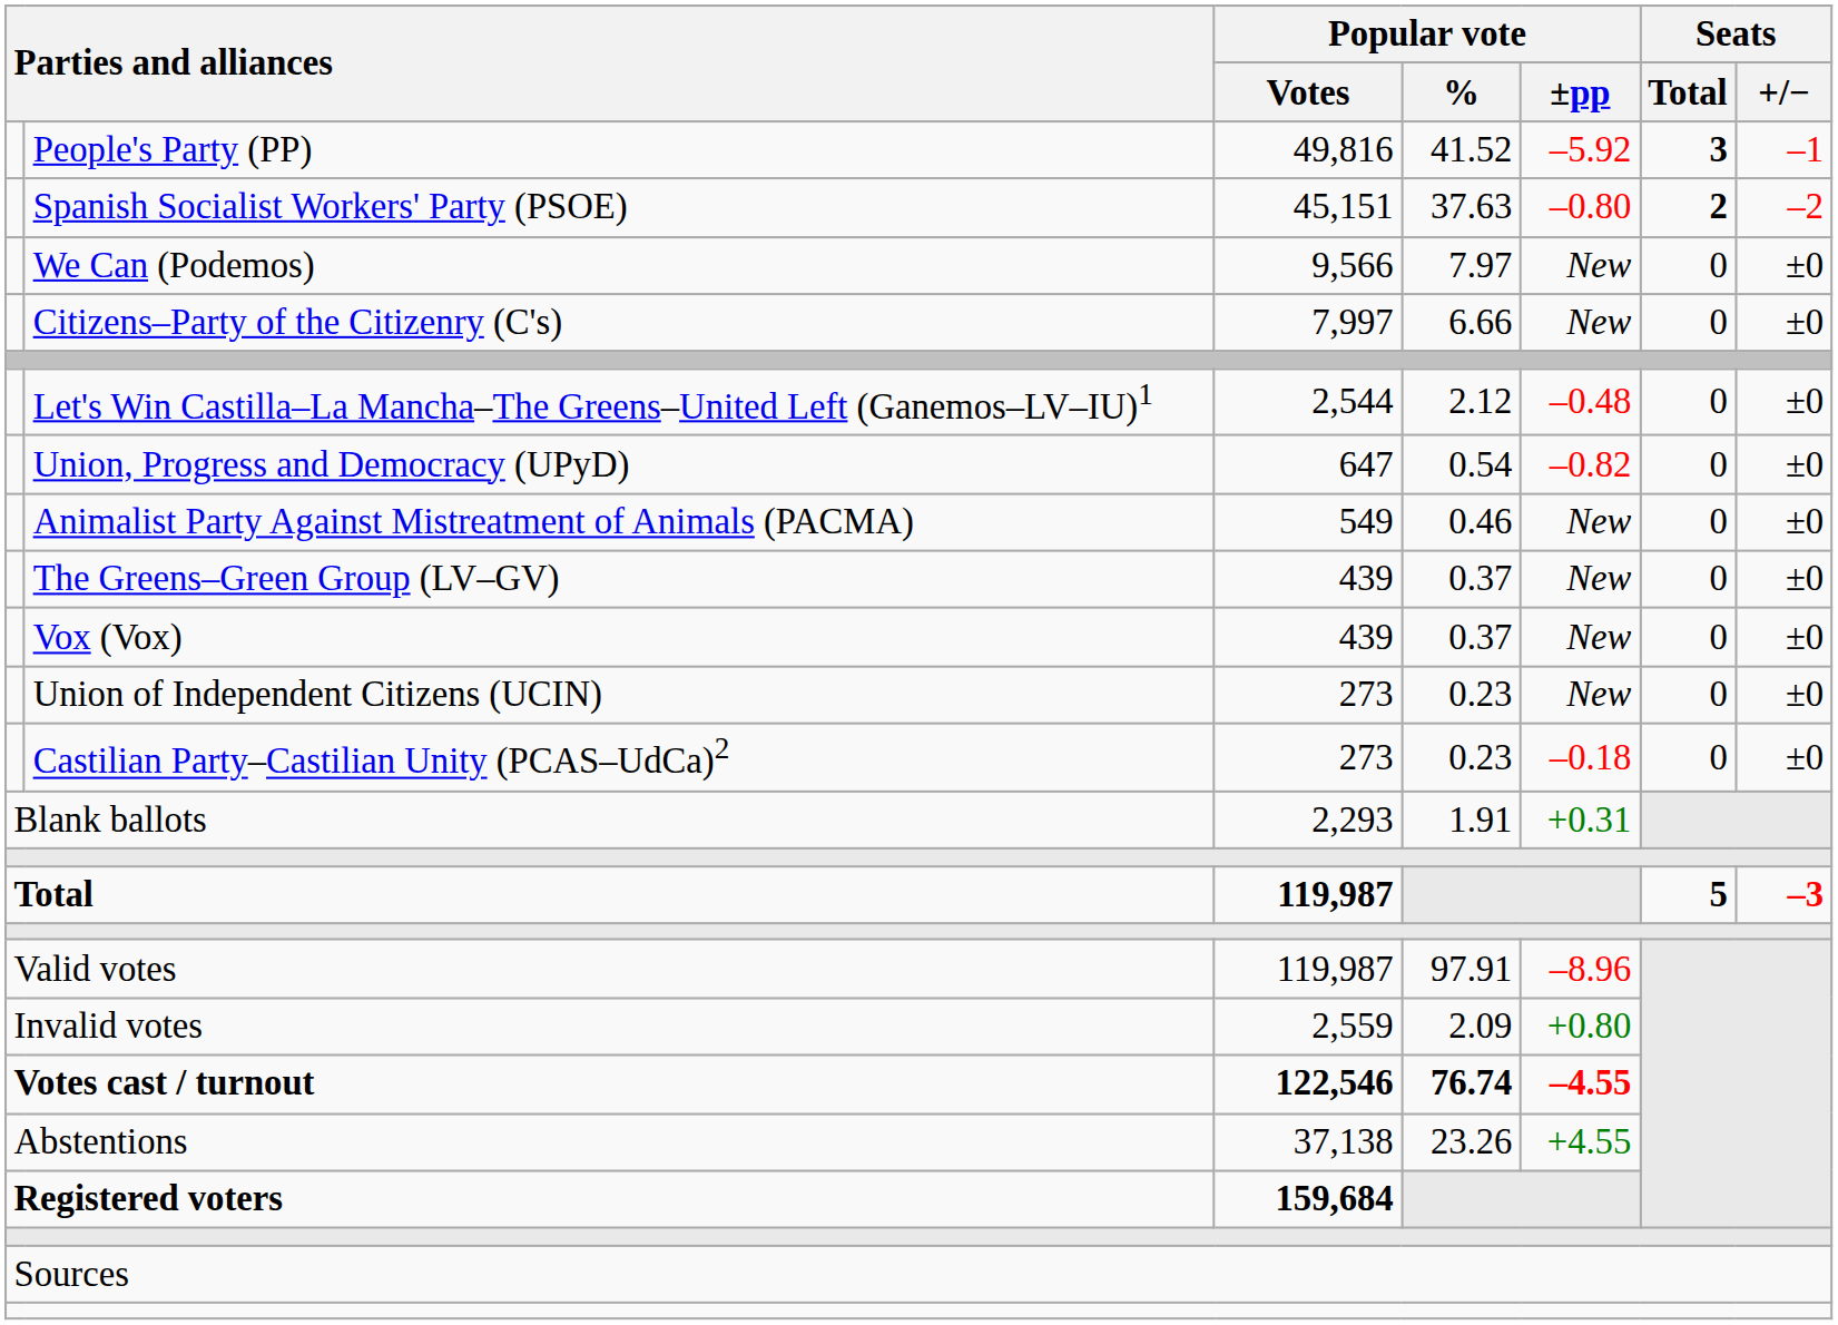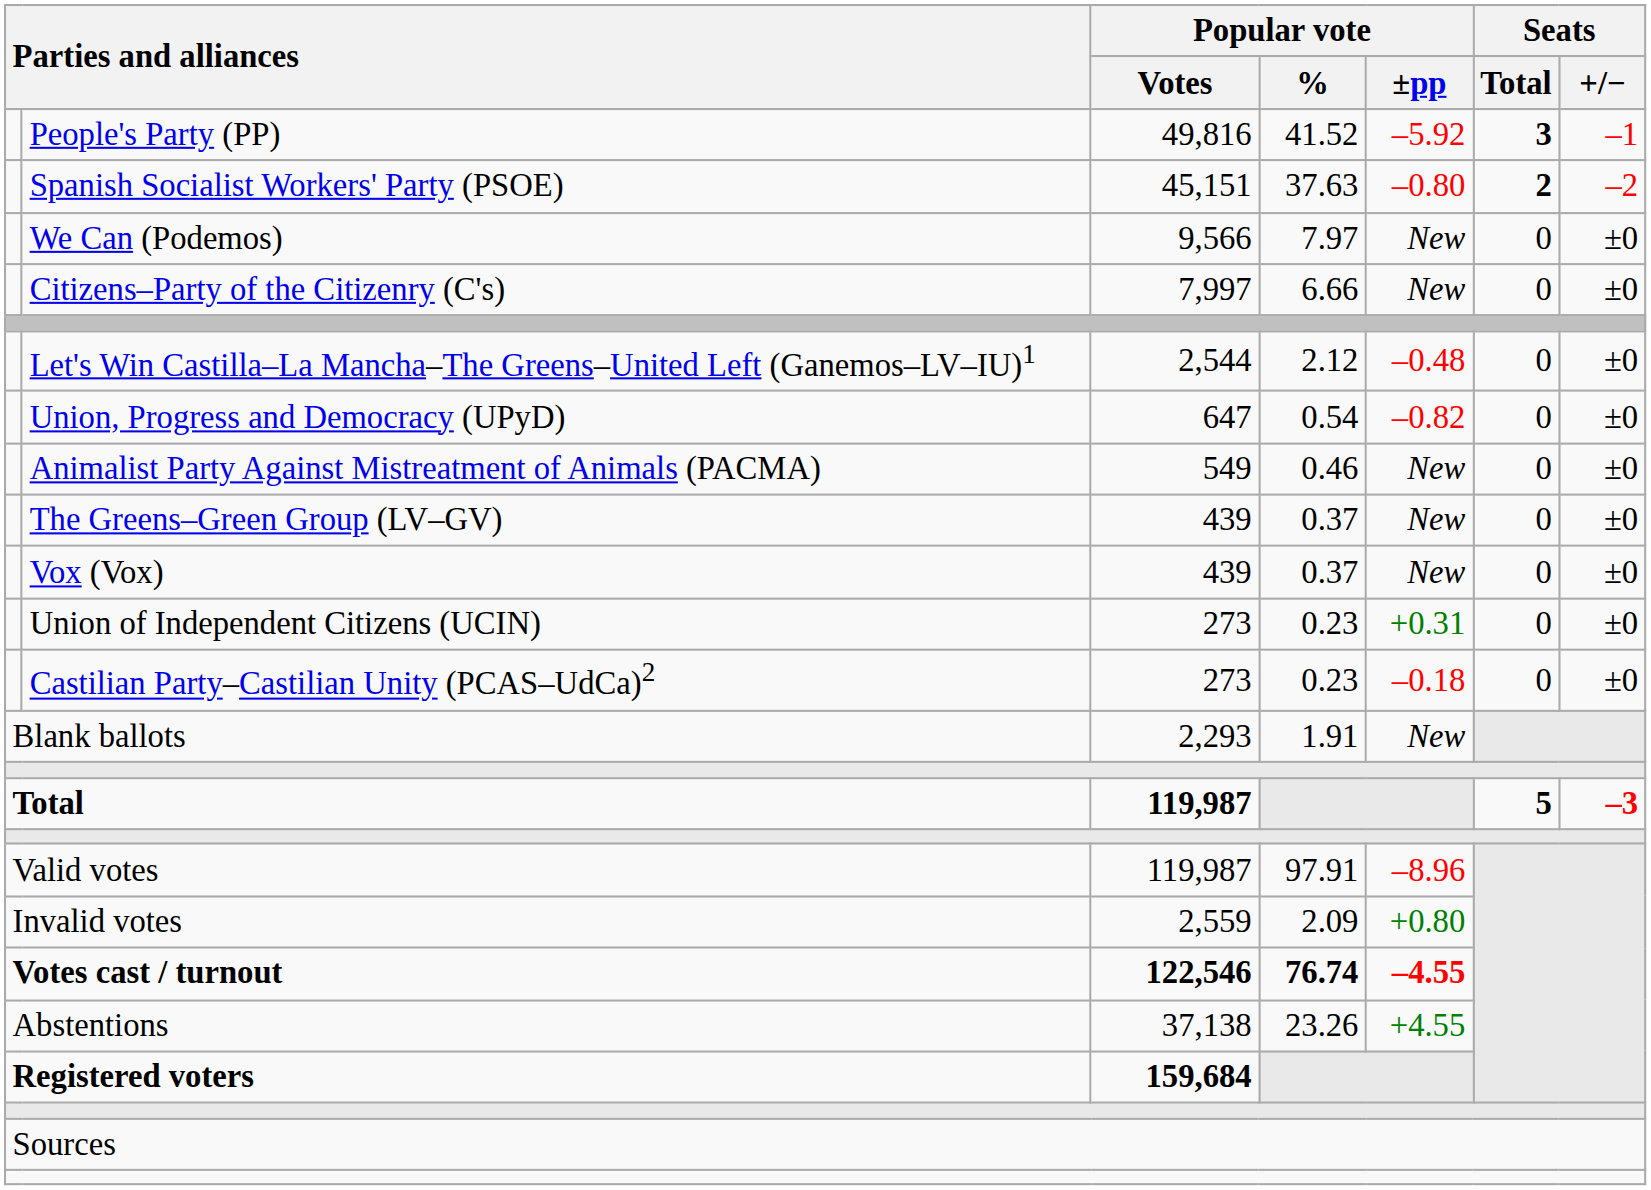 <table class="wikitable" style="text-align:right;">
 <tr>
 <th style="text-align:left;" rowspan="2" colspan="2" width="525">Parties and alliances</th>
 <th colspan="3">Popular vote</th>
 <th colspan="2">Seats</th>
 </tr>
 <tr>
 <th width="75">Votes</th>
 <th width="45">%</th>
 <th width="45">±<a href='#'>pp</a></th>
 <th width="35">Total</th>
 <th width="35">+/−</th>
 </tr>
 <tr>
 <td width="1" style="color:inherit;background:"></td>
 <td align="left"><a href='#'>People's Party</a> (PP)</td>
 <td>49,816</td>
 <td>41.52</td>
 <td style="color:red;">–5.92</td>
 <td><strong>3</strong></td>
 <td style="color:red;">–1</td>
 </tr>
 <tr>
 <td style="color:inherit;background:"></td>
 <td align="left"><a href='#'>Spanish Socialist Workers' Party</a> (PSOE)</td>
 <td>45,151</td>
 <td>37.63</td>
 <td style="color:red;">–0.80</td>
 <td><strong>2</strong></td>
 <td style="color:red;">–2</td>
 </tr>
 <tr>
 <td style="color:inherit;background:"></td>
 <td align="left"><a href='#'>We Can</a> (Podemos)</td>
 <td>9,566</td>
 <td>7.97</td>
 <td><em>New</em></td>
 <td>0</td>
 <td>±0</td>
 </tr>
 <tr>
 <td style="color:inherit;background:"></td>
 <td align="left"><a href='#'>Citizens–Party of the Citizenry</a> (C's)</td>
 <td>7,997</td>
 <td>6.66</td>
 <td><em>New</em></td>
 <td>0</td>
 <td>±0</td>
 </tr>
 <tr>
 <td colspan="7" bgcolor="#C0C0C0"></td>
 </tr>
 <tr>
 <td style="color:inherit;background:"></td>
 <td align="left"><a href='#'>Let's Win Castilla–La Mancha</a>–<a href='#'>The Greens</a>–<a href='#'>United Left</a> (Ganemos–LV–IU)<sup>1</sup></td>
 <td>2,544</td>
 <td>2.12</td>
 <td style="color:red;">–0.48</td>
 <td>0</td>
 <td>±0</td>
 </tr>
 <tr>
 <td style="color:inherit;background:"></td>
 <td align="left"><a href='#'>Union, Progress and Democracy</a> (UPyD)</td>
 <td>647</td>
 <td>0.54</td>
 <td style="color:red;">–0.82</td>
 <td>0</td>
 <td>±0</td>
 </tr>
 <tr>
 <td style="color:inherit;background:"></td>
 <td align="left"><a href='#'>Animalist Party Against Mistreatment of Animals</a> (PACMA)</td>
 <td>549</td>
 <td>0.46</td>
 <td><em>New</em></td>
 <td>0</td>
 <td>±0</td>
 </tr>
 <tr>
 <td style="color:inherit;background:"></td>
 <td align="left"><a href='#'>The Greens–Green Group</a> (LV–GV)</td>
 <td>439</td>
 <td>0.37</td>
 <td><em>New</em></td>
 <td>0</td>
 <td>±0</td>
 </tr>
 <tr>
 <td style="color:inherit;background:"></td>
 <td align="left"><a href='#'>Vox</a> (Vox)</td>
 <td>439</td>
 <td>0.37</td>
 <td><em>New</em></td>
 <td>0</td>
 <td>±0</td>
 </tr>
 <tr>
 <td style="color:inherit;background:"></td>
 <td align="left">Union of Independent Citizens (UCIN)</td>
 <td>273</td>
 <td>0.23</td>
-<td><em>New</em></td>
+<td style="color:green;">+0.31</td>
 <td>0</td>
 <td>±0</td>
 </tr>
 <tr>
 <td style="color:inherit;background:"></td>
 <td align="left"><a href='#'>Castilian Party</a>–<a href='#'>Castilian Unity</a> (PCAS–UdCa)<sup>2</sup></td>
 <td>273</td>
 <td>0.23</td>
 <td style="color:red;">–0.18</td>
 <td>0</td>
 <td>±0</td>
 </tr>
 <tr>
 <td align="left" colspan="2">Blank ballots</td>
 <td>2,293</td>
 <td>1.91</td>
-<td style="color:green;">+0.31</td>
+<td><em>New</em></td>
 <td bgcolor="#E9E9E9" colspan="2"></td>
 </tr>
 <tr>
 <td colspan="7" bgcolor="#E9E9E9"></td>
 </tr>
 <tr style="font-weight:bold;">
 <td align="left" colspan="2">Total</td>
 <td>119,987</td>
 <td bgcolor="#E9E9E9" colspan="2"></td>
 <td>5</td>
 <td style="color:red;">–3</td>
 </tr>
 <tr>
 <td colspan="7" bgcolor="#E9E9E9"></td>
 </tr>
 <tr>
 <td align="left" colspan="2">Valid votes</td>
 <td>119,987</td>
 <td>97.91</td>
 <td style="color:red;">–8.96</td>
 <td bgcolor="#E9E9E9" colspan="2" rowspan="5"></td>
 </tr>
 <tr>
 <td align="left" colspan="2">Invalid votes</td>
 <td>2,559</td>
 <td>2.09</td>
 <td style="color:green;">+0.80</td>
 </tr>
 <tr style="font-weight:bold;">
 <td align="left" colspan="2">Votes cast / turnout</td>
 <td>122,546</td>
 <td>76.74</td>
 <td style="color:red;">–4.55</td>
 </tr>
 <tr>
 <td align="left" colspan="2">Abstentions</td>
 <td>37,138</td>
 <td>23.26</td>
 <td style="color:green;">+4.55</td>
 </tr>
 <tr style="font-weight:bold;">
 <td align="left" colspan="2">Registered voters</td>
 <td>159,684</td>
 <td bgcolor="#E9E9E9" colspan="2"></td>
 </tr>
 <tr>
 <td colspan="7" bgcolor="#E9E9E9"></td>
 </tr>
 <tr>
 <td align="left" colspan="7">Sources</td>
 </tr>
 <tr>
 <td colspan="7" style="text-align:left; max-width:790px;"></td>
 </tr>
 </table>
